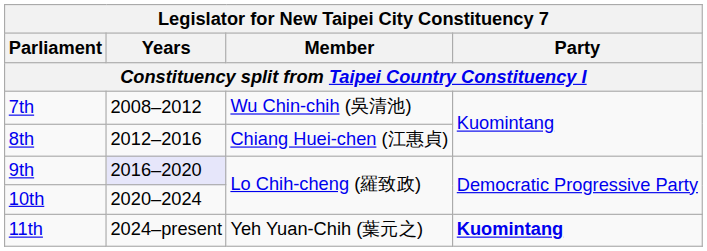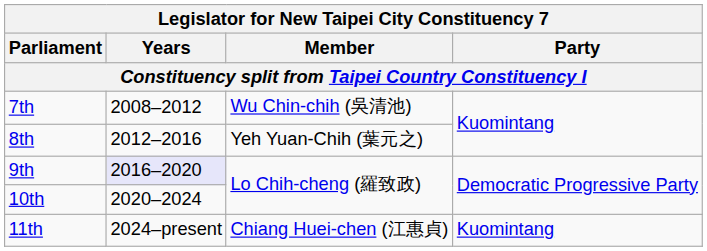 <table class=wikitable>
 <tr>
 <th colspan="4">Legislator for New Taipei City Constituency 7</th>
 </tr>
 <tr>
 <th>Parliament</th>
 <th>Years</th>
 <th>Member</th>
 <th>Party</th>
 </tr>
 <tr>
 <th colspan=4 align=center><em>Constituency split from <a href='#'>Taipei Country Constituency I</a> </em></th>
 </tr>
 <tr>
 <td><a href='#'>7th</a></td>
 <td>2008–2012</td>
 <td><a href='#'>Wu Chin-chih</a> (吳清池)</td>
 <td rowspan=2><a href='#'>Kuomintang</a></td>
 </tr>
 <tr>
 <td><a href='#'>8th</a></td>
 <td>2012–2016</td>
-<td><a href='#'>Chiang Huei-chen</a> (江惠貞)</td>
+<td>Yeh Yuan-Chih (葉元之)</td>
 </tr>
 <tr>
 <td><a href='#'>9th</a></td>
 <td style="background: lavender;">2016–2020</td>
 <td rowspan=2><a href='#'>Lo Chih-cheng</a> (羅致政)</td>
 <td rowspan=2><a href='#'>Democratic Progressive Party</a></td>
 </tr>
 <tr>
 <td><a href='#'>10th</a></td>
 <td>2020–2024</td>
 </tr>
 <tr>
 <td><a href='#'>11th</a></td>
 <td>2024–present</td>
-<td>Yeh Yuan-Chih (葉元之)</td>
-<td><strong><a href='#'>Kuomintang</a></strong></td>
+<td><a href='#'>Chiang Huei-chen</a> (江惠貞)</td>
+<td><a href='#'>Kuomintang</a></td>
 </tr>
 </table>
